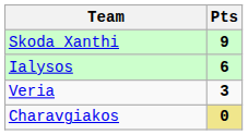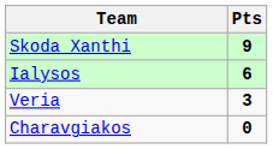 <table class="wikitable" style="text-align: center;">
 <tr>
 <th width=165>Team</th>
 <th width=20>Pts</th>
 </tr>
 <tr bgcolor="#ccffcc">
 <td align=left><a href='#'>Skoda Xanthi</a></td>
 <td><strong>9</strong></td>
 </tr>
 <tr bgcolor="#ccffcc">
 <td align=left><a href='#'>Ialysos</a></td>
 <td><strong>6</strong></td>
 </tr>
 <tr>
 <td align=left><a href='#'>Veria</a></td>
 <td><strong>3</strong></td>
 </tr>
 <tr>
 <td align=left><a href='#'>Charavgiakos</a></td>
-<td style="background: khaki;"><strong>0</strong></td>
+<td><strong>0</strong></td>
 </tr>
 </table>
